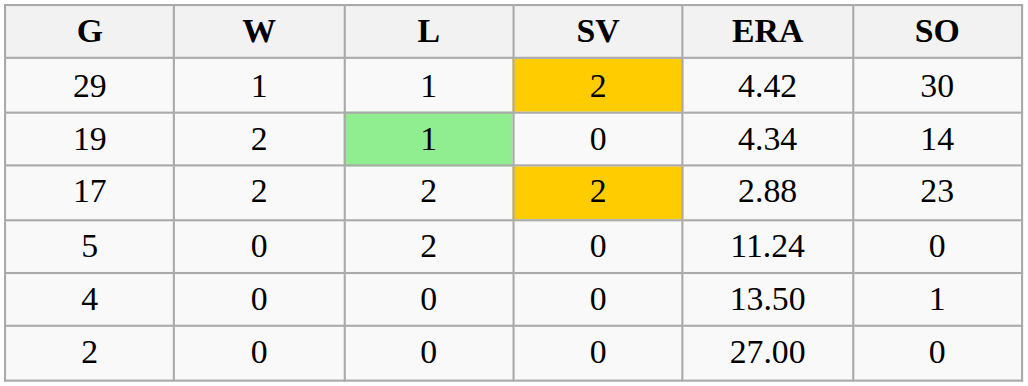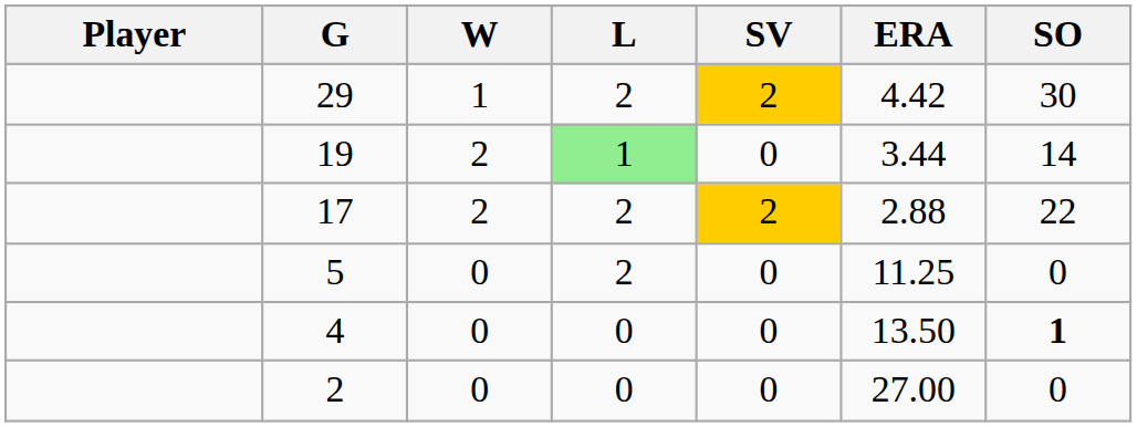 <table class="wikitable sortable">
 <tr>
+<th bgcolor="#DDDDFF" width="16%">Player</th>
 <th bgcolor="#DDDDFF" width="9%">G</th>
 <th bgcolor="#DDDDFF" width="9%">W</th>
 <th bgcolor="#DDDDFF" width="9%">L</th>
 <th bgcolor="#DDDDFF" width="9%">SV</th>
 <th bgcolor="#DDDDFF" width="9%">ERA</th>
 <th bgcolor="#DDDDFF" width="9%">SO</th>
 </tr>
 <tr align="center">
+<td></td>
 <td>29</td>
 <td>1</td>
-<td>1</td>
+<td>2</td>
 <td style="background:#fc0;">2</td>
 <td>4.42</td>
 <td>30</td>
 </tr>
 <tr align="center">
+<td></td>
 <td>19</td>
 <td>2</td>
 <td style="background: lightgreen;">1</td>
 <td>0</td>
-<td>4.34</td>
+<td>3.44</td>
 <td>14</td>
 </tr>
 <tr align="center">
+<td></td>
 <td>17</td>
 <td>2</td>
 <td>2</td>
 <td style="background:#fc0;">2</td>
 <td>2.88</td>
-<td>23</td>
+<td>22</td>
 </tr>
 <tr align="center">
+<td></td>
 <td>5</td>
 <td>0</td>
 <td>2</td>
 <td>0</td>
-<td>11.24</td>
+<td>11.25</td>
 <td>0</td>
 </tr>
 <tr align="center">
+<td></td>
 <td>4</td>
 <td>0</td>
 <td>0</td>
 <td>0</td>
 <td>13.50</td>
-<td>1</td>
+<td><strong>1</strong></td>
 </tr>
 <tr align="center">
+<td></td>
 <td>2</td>
 <td>0</td>
 <td>0</td>
 <td>0</td>
 <td>27.00</td>
 <td>0</td>
 </tr>
 </table>
